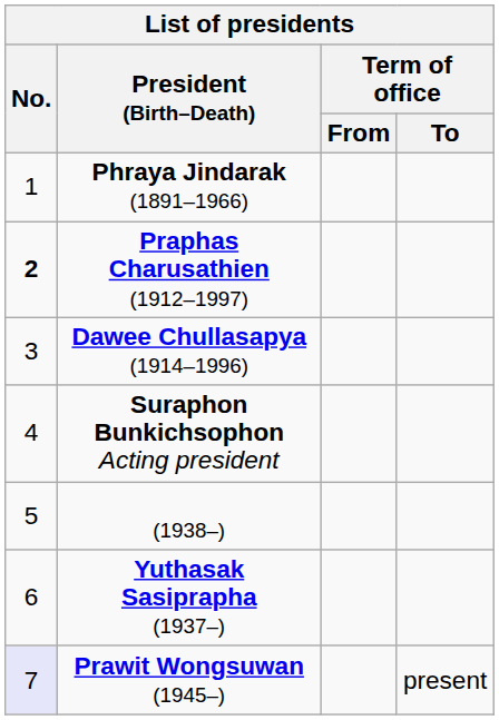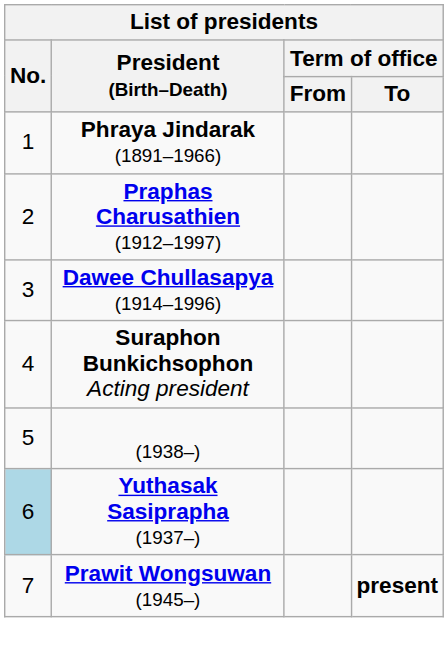 <table class="wikitable" style=" margin-right: auto; text-align:center;" width=50%>
 <tr>
 <th colspan=5>List of presidents</th>
 </tr>
 <tr>
 <th rowspan=2>No.</th>
 <th rowspan=2>President<br><small>(Birth–Death)</small></th>
 <th colspan=2>Term of office</th>
 </tr>
 <tr>
 <th>From</th>
 <th>To</th>
 </tr>
 <tr>
 <td>1</td>
 <td><strong>Phraya Jindarak</strong><br><small>(1891–1966)</small></td>
 <td></td>
 <td></td>
 </tr>
 <tr>
-<td><strong>2</strong></td>
+<td>2</td>
 <td><strong><a href='#'>Praphas Charusathien</a></strong><br><small>(1912–1997)</small></td>
 <td></td>
 <td></td>
 </tr>
 <tr>
 <td>3</td>
 <td><strong><a href='#'>Dawee Chullasapya</a></strong><br><small>(1914–1996)</small></td>
 <td></td>
 <td></td>
 </tr>
 <tr>
 <td>4</td>
 <td><strong>Suraphon Bunkichsophon</strong><br><em>Acting president</td>
 <td></td>
 <td></td>
 </tr>
 <tr>
 <td>5</td>
 <td><strong></strong><br><small>(1938–)</small></td>
 <td></td>
 <td></td>
 </tr>
 <tr>
-<td>6</td>
+<td style="background: lightblue;">6</td>
 <td><strong><a href='#'>Yuthasak Sasiprapha</a></strong><br><small>(1937–)</small></td>
 <td></td>
 <td></td>
 </tr>
 <tr>
-<td style="background: lavender;">7</td>
+<td>7</td>
 <td><strong><a href='#'>Prawit Wongsuwan</a></strong><br><small>(1945–)</small></td>
 <td></td>
-<td>present</td>
+<td><strong>present</strong></td>
 </tr>
 </table>
